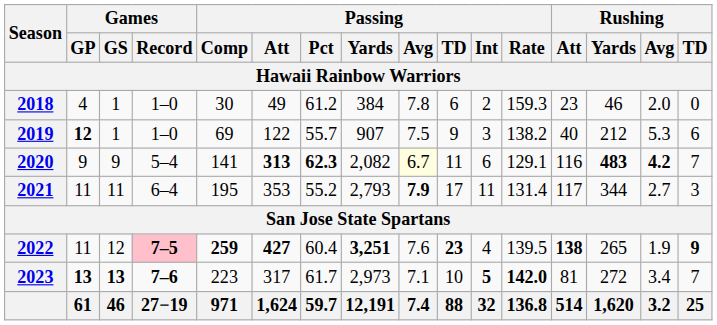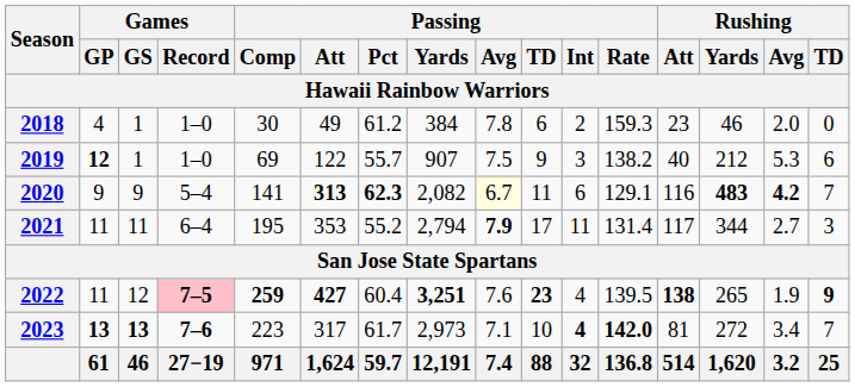 <table class="wikitable" style="text-align:center;">
 <tr>
 <th rowspan="2">Season</th>
 <th colspan="3">Games</th>
 <th colspan="8">Passing</th>
 <th colspan="4">Rushing</th>
 </tr>
 <tr>
 <th>GP</th>
 <th>GS</th>
 <th>Record</th>
 <th>Comp</th>
 <th>Att</th>
 <th>Pct</th>
 <th>Yards</th>
 <th>Avg</th>
 <th>TD</th>
 <th>Int</th>
 <th>Rate</th>
 <th>Att</th>
 <th>Yards</th>
 <th>Avg</th>
 <th>TD</th>
 </tr>
 <tr>
 <th colspan="16">Hawaii Rainbow Warriors</th>
 </tr>
 <tr>
 <th><a href='#'>2018</a></th>
 <td>4</td>
 <td>1</td>
 <td>1–0</td>
 <td>30</td>
 <td>49</td>
 <td>61.2</td>
 <td>384</td>
 <td>7.8</td>
 <td>6</td>
 <td>2</td>
 <td>159.3</td>
 <td>23</td>
 <td>46</td>
 <td>2.0</td>
 <td>0</td>
 </tr>
 <tr>
 <th><a href='#'>2019</a></th>
 <td><strong>12</strong></td>
 <td>1</td>
 <td>1–0</td>
 <td>69</td>
 <td>122</td>
 <td>55.7</td>
 <td>907</td>
 <td>7.5</td>
 <td>9</td>
 <td>3</td>
 <td>138.2</td>
 <td>40</td>
 <td>212</td>
 <td>5.3</td>
 <td>6</td>
 </tr>
 <tr>
 <th><a href='#'>2020</a></th>
 <td>9</td>
 <td>9</td>
 <td>5–4</td>
 <td>141</td>
 <td><strong>313</strong></td>
 <td><strong>62.3</strong></td>
 <td>2,082</td>
 <td style="background: lightyellow;">6.7</td>
 <td>11</td>
 <td>6</td>
 <td>129.1</td>
 <td>116</td>
 <td><strong>483</strong></td>
 <td><strong>4.2</strong></td>
 <td>7</td>
 </tr>
 <tr>
 <th><a href='#'>2021</a></th>
 <td>11</td>
 <td>11</td>
 <td>6–4</td>
 <td>195</td>
 <td>353</td>
 <td>55.2</td>
-<td>2,793</td>
+<td>2,794</td>
 <td><strong>7.9</strong></td>
 <td>17</td>
 <td>11</td>
 <td>131.4</td>
 <td>117</td>
 <td>344</td>
 <td>2.7</td>
 <td>3</td>
 </tr>
 <tr>
 <th colspan="16">San Jose State Spartans</th>
 </tr>
 <tr>
 <th><a href='#'>2022</a></th>
 <td>11</td>
 <td>12</td>
 <td style="background: pink;"><strong>7–5</strong></td>
 <td><strong>259</strong></td>
 <td><strong>427</strong></td>
 <td>60.4</td>
 <td><strong>3,251</strong></td>
 <td>7.6</td>
 <td><strong>23</strong></td>
 <td>4</td>
 <td>139.5</td>
 <td><strong>138</strong></td>
 <td>265</td>
 <td>1.9</td>
 <td><strong>9</strong></td>
 </tr>
 <tr>
 <th><a href='#'>2023</a></th>
 <td><strong>13</strong></td>
 <td><strong>13</strong></td>
 <td><strong>7–6</strong></td>
 <td>223</td>
 <td>317</td>
 <td>61.7</td>
 <td>2,973</td>
 <td>7.1</td>
 <td>10</td>
-<td><strong>5</strong></td>
+<td><strong>4</strong></td>
 <td><strong>142.0</strong></td>
 <td>81</td>
 <td>272</td>
 <td>3.4</td>
 <td>7</td>
 </tr>
 <tr>
 <th></th>
 <th>61</th>
 <th>46</th>
 <th>27−19</th>
 <th>971</th>
 <th>1,624</th>
 <th>59.7</th>
 <th>12,191</th>
 <th>7.4</th>
 <th>88</th>
 <th>32</th>
 <th>136.8</th>
 <th>514</th>
 <th>1,620</th>
 <th>3.2</th>
 <th>25</th>
 </tr>
 </table>
